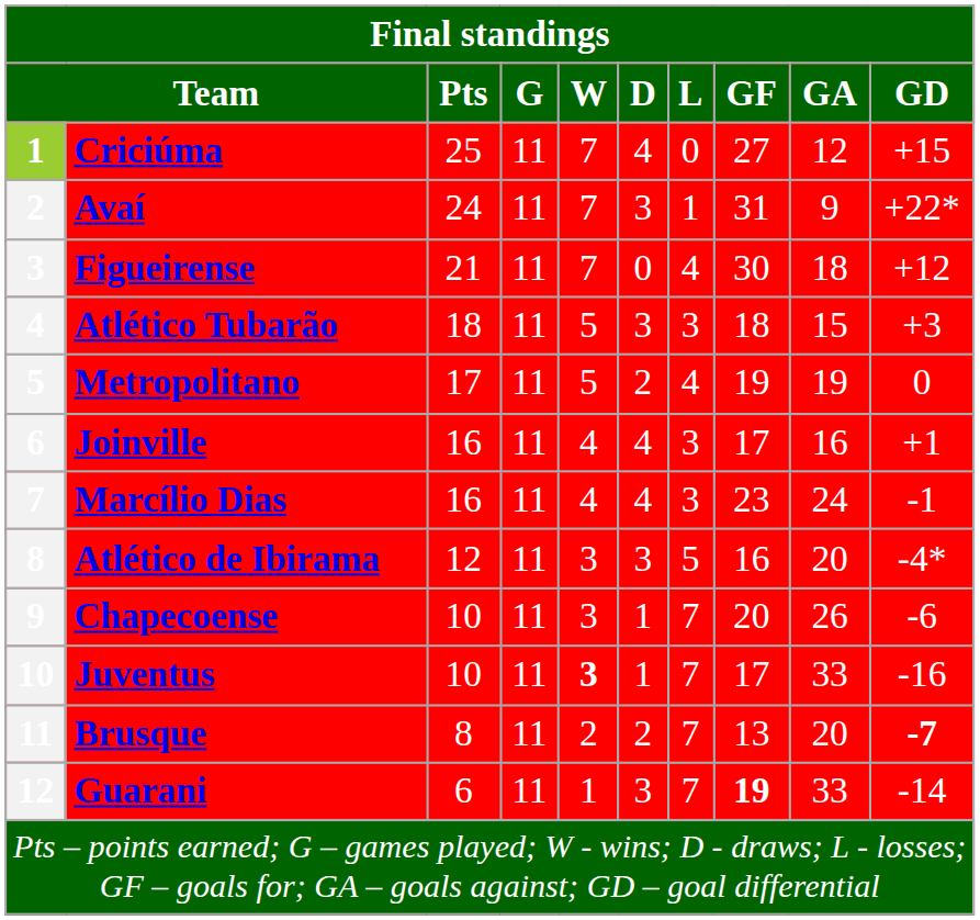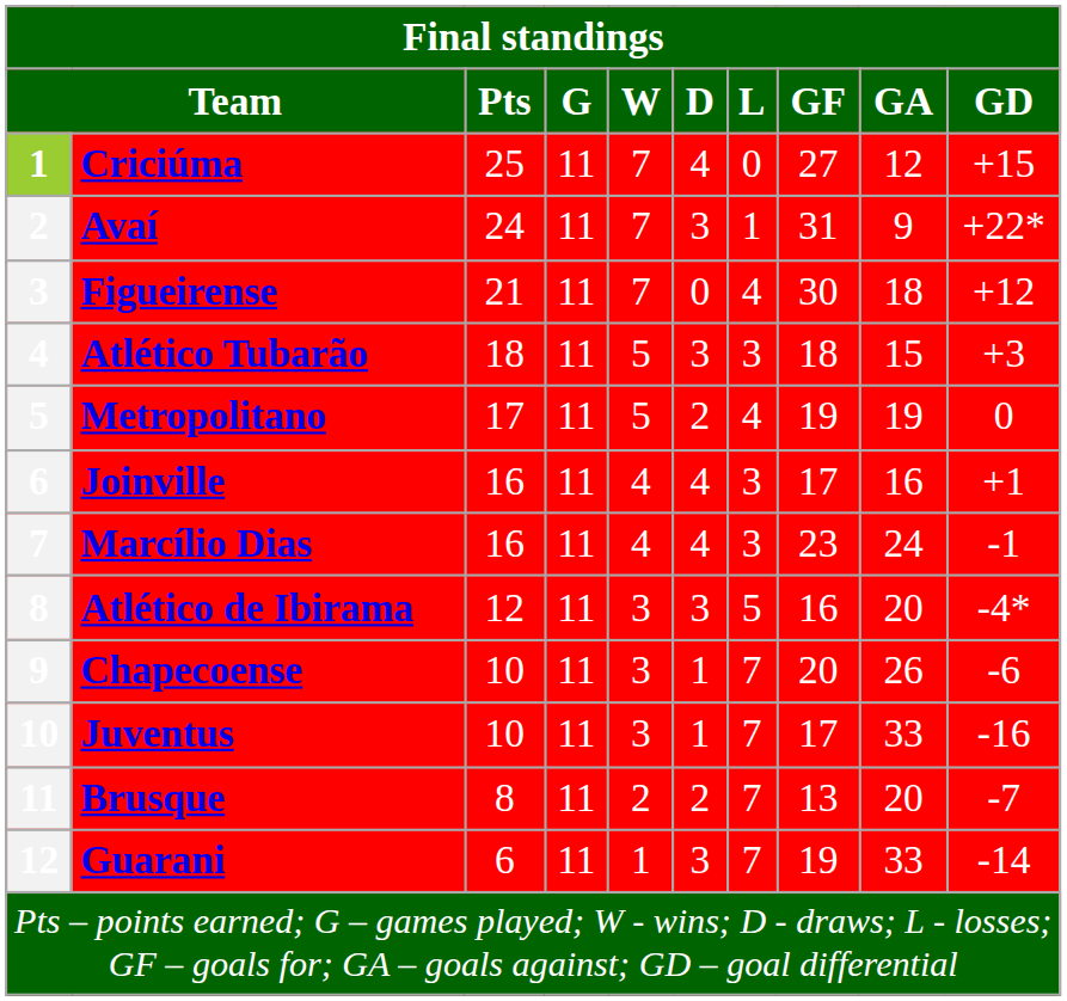 <table class="wikitable" style="text-align:center; color:#ffffff; background:#ff0000">
 <tr>
 <th style="background:#006400" colspan="10">Final standings</th>
 </tr>
 <tr>
 <th style="background:#006400" colspan="2">Team</th>
 <th style="background:#006400">Pts</th>
 <th style="background:#006400">G</th>
 <th style="background:#006400">W</th>
 <th style="background:#006400">D</th>
 <th style="background:#006400">L</th>
 <th style="background:#006400">GF</th>
 <th style="background:#006400">GA</th>
 <th style="background:#006400">GD</th>
 </tr>
 <tr>
 <th style="background:#9acd32">1</th>
 <td align=left><strong><a href='#'><span>Criciúma</span></a></strong></td>
 <td>25</td>
 <td>11</td>
 <td>7</td>
 <td>4</td>
 <td>0</td>
 <td>27</td>
 <td>12</td>
 <td>+15</td>
 </tr>
 <tr>
 <th>2</th>
 <td align=left><strong><a href='#'><span>Avaí</span></a></strong></td>
 <td>24</td>
 <td>11</td>
 <td>7</td>
 <td>3</td>
 <td>1</td>
 <td>31</td>
 <td>9</td>
 <td>+22*</td>
 </tr>
 <tr>
 <th>3</th>
 <td align=left><strong><a href='#'><span>Figueirense</span></a></strong></td>
 <td>21</td>
 <td>11</td>
 <td>7</td>
 <td>0</td>
 <td>4</td>
 <td>30</td>
 <td>18</td>
 <td>+12</td>
 </tr>
 <tr>
 <th>4</th>
 <td align=left><strong><a href='#'><span>Atlético Tubarão</span></a></strong></td>
 <td>18</td>
 <td>11</td>
 <td>5</td>
 <td>3</td>
 <td>3</td>
 <td>18</td>
 <td>15</td>
 <td>+3</td>
 </tr>
 <tr>
 <th>5</th>
 <td align=left><strong><a href='#'><span>Metropolitano</span></a></strong></td>
 <td>17</td>
 <td>11</td>
 <td>5</td>
 <td>2</td>
 <td>4</td>
 <td>19</td>
 <td>19</td>
 <td>0</td>
 </tr>
 <tr>
 <th>6</th>
 <td align=left><strong><a href='#'><span>Joinville</span></a></strong></td>
 <td>16</td>
 <td>11</td>
 <td>4</td>
 <td>4</td>
 <td>3</td>
 <td>17</td>
 <td>16</td>
 <td>+1</td>
 </tr>
 <tr>
 <th>7</th>
 <td align=left><strong><a href='#'><span>Marcílio Dias</span></a></strong></td>
 <td>16</td>
 <td>11</td>
 <td>4</td>
 <td>4</td>
 <td>3</td>
 <td>23</td>
 <td>24</td>
 <td>-1</td>
 </tr>
 <tr>
 <th>8</th>
 <td align=left><strong><a href='#'><span>Atlético de Ibirama</span></a></strong></td>
 <td>12</td>
 <td>11</td>
 <td>3</td>
 <td>3</td>
 <td>5</td>
 <td>16</td>
 <td>20</td>
 <td>-4*</td>
 </tr>
 <tr>
 <th>9</th>
 <td align=left><strong><a href='#'><span>Chapecoense</span></a></strong></td>
 <td>10</td>
 <td>11</td>
 <td>3</td>
 <td>1</td>
 <td>7</td>
 <td>20</td>
 <td>26</td>
 <td>-6</td>
 </tr>
 <tr>
 <th>10</th>
 <td align=left><strong><a href='#'><span>Juventus</span></a></strong></td>
 <td>10</td>
 <td>11</td>
-<td><strong>3</strong></td>
+<td>3</td>
 <td>1</td>
 <td>7</td>
 <td>17</td>
 <td>33</td>
 <td>-16</td>
 </tr>
 <tr>
 <th>11</th>
 <td align=left><strong><a href='#'><span>Brusque</span></a></strong></td>
 <td>8</td>
 <td>11</td>
 <td>2</td>
 <td>2</td>
 <td>7</td>
 <td>13</td>
 <td>20</td>
-<td><strong>-7</strong></td>
+<td>-7</td>
 </tr>
 <tr>
 <th>12</th>
 <td align=left><strong><a href='#'><span>Guarani</span></a></strong></td>
 <td>6</td>
 <td>11</td>
 <td>1</td>
 <td>3</td>
 <td>7</td>
-<td><strong>19</strong></td>
+<td>19</td>
 <td>33</td>
 <td>-14</td>
 </tr>
 <tr>
 </tr>
 <tr>
 <td colspan="10" style="background:#006400; font-size:90%; font-style:italic">Pts – points earned; G – games played; W - wins; D - draws; L - losses;<br>GF – goals for; GA – goals against; GD – goal differential</td>
 </tr>
 </table>
